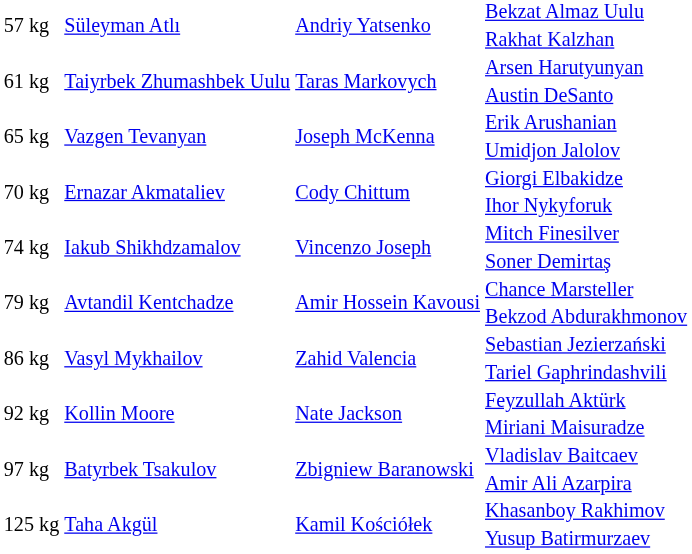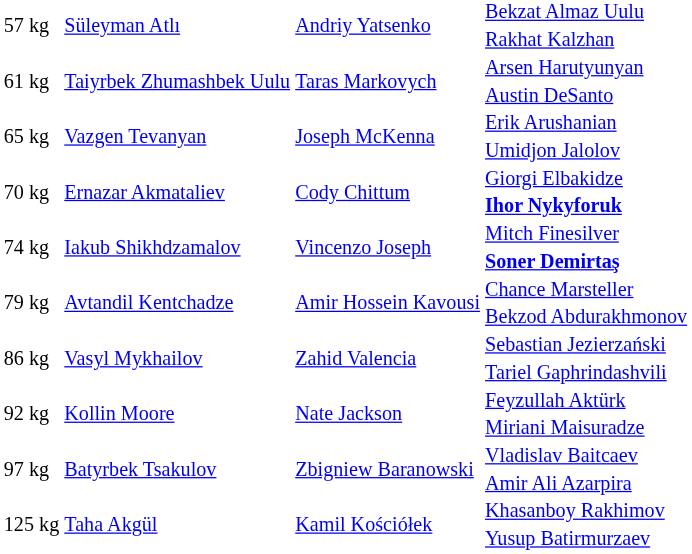 <table>
 <tr>
 <td rowspan=2>57 kg<br></td>
 <td rowspan=2><a href='#'>Süleyman Atlı</a><br></td>
 <td rowspan=2><a href='#'>Andriy Yatsenko</a><br></td>
 <td><a href='#'>Bekzat Almaz Uulu</a><br></td>
 </tr>
 <tr>
 <td><a href='#'>Rakhat Kalzhan</a><br></td>
 </tr>
 <tr>
 <td rowspan=2>61 kg<br></td>
 <td rowspan=2><a href='#'>Taiyrbek Zhumashbek Uulu</a><br></td>
 <td rowspan=2><a href='#'>Taras Markovych</a><br></td>
 <td><a href='#'>Arsen Harutyunyan</a><br></td>
 </tr>
 <tr>
 <td><a href='#'>Austin DeSanto</a><br></td>
 </tr>
 <tr>
 <td rowspan=2>65 kg<br></td>
 <td rowspan=2><a href='#'>Vazgen Tevanyan</a><br></td>
 <td rowspan=2><a href='#'>Joseph McKenna</a><br></td>
 <td><a href='#'>Erik Arushanian</a><br></td>
 </tr>
 <tr>
 <td><a href='#'>Umidjon Jalolov</a><br></td>
 </tr>
 <tr>
 <td rowspan=2>70 kg<br></td>
 <td rowspan=2><a href='#'>Ernazar Akmataliev</a><br></td>
 <td rowspan=2><a href='#'>Cody Chittum</a><br></td>
 <td><a href='#'>Giorgi Elbakidze</a><br></td>
 </tr>
 <tr>
-<td><a href='#'>Ihor Nykyforuk</a><br></td>
+<td><strong><a href='#'>Ihor Nykyforuk</a><br></strong></td>
 </tr>
 <tr>
 <td rowspan=2>74 kg<br></td>
 <td rowspan=2><a href='#'>Iakub Shikhdzamalov</a><br></td>
 <td rowspan=2><a href='#'>Vincenzo Joseph</a><br></td>
 <td><a href='#'>Mitch Finesilver</a><br></td>
 </tr>
 <tr>
-<td><a href='#'>Soner Demirtaş</a><br></td>
+<td><strong><a href='#'>Soner Demirtaş</a><br></strong></td>
 </tr>
 <tr>
 <td rowspan=2>79 kg<br></td>
 <td rowspan=2><a href='#'>Avtandil Kentchadze</a><br></td>
 <td rowspan=2><a href='#'>Amir Hossein Kavousi</a><br></td>
 <td><a href='#'>Chance Marsteller</a><br></td>
 </tr>
 <tr>
 <td><a href='#'>Bekzod Abdurakhmonov</a><br></td>
 </tr>
 <tr>
 <td rowspan=2>86 kg<br></td>
 <td rowspan=2><a href='#'>Vasyl Mykhailov</a><br></td>
 <td rowspan=2><a href='#'>Zahid Valencia</a><br></td>
 <td><a href='#'>Sebastian Jezierzański</a><br></td>
 </tr>
 <tr>
 <td><a href='#'>Tariel Gaphrindashvili</a><br></td>
 </tr>
 <tr>
 <td rowspan=2>92 kg<br></td>
 <td rowspan=2><a href='#'>Kollin Moore</a><br></td>
 <td rowspan=2><a href='#'>Nate Jackson</a><br></td>
 <td><a href='#'>Feyzullah Aktürk</a><br></td>
 </tr>
 <tr>
 <td><a href='#'>Miriani Maisuradze</a><br></td>
 </tr>
 <tr>
 <td rowspan=2>97 kg<br></td>
 <td rowspan=2><a href='#'>Batyrbek Tsakulov</a><br></td>
 <td rowspan=2><a href='#'>Zbigniew Baranowski</a><br></td>
 <td><a href='#'>Vladislav Baitcaev</a><br></td>
 </tr>
 <tr>
 <td><a href='#'>Amir Ali Azarpira</a><br></td>
 </tr>
 <tr>
 <td rowspan=2>125 kg<br></td>
 <td rowspan=2><a href='#'>Taha Akgül</a><br></td>
 <td rowspan=2><a href='#'>Kamil Kościółek</a><br></td>
 <td><a href='#'>Khasanboy Rakhimov</a><br></td>
 </tr>
 <tr>
 <td><a href='#'>Yusup Batirmurzaev</a><br></td>
 </tr>
 </table>
